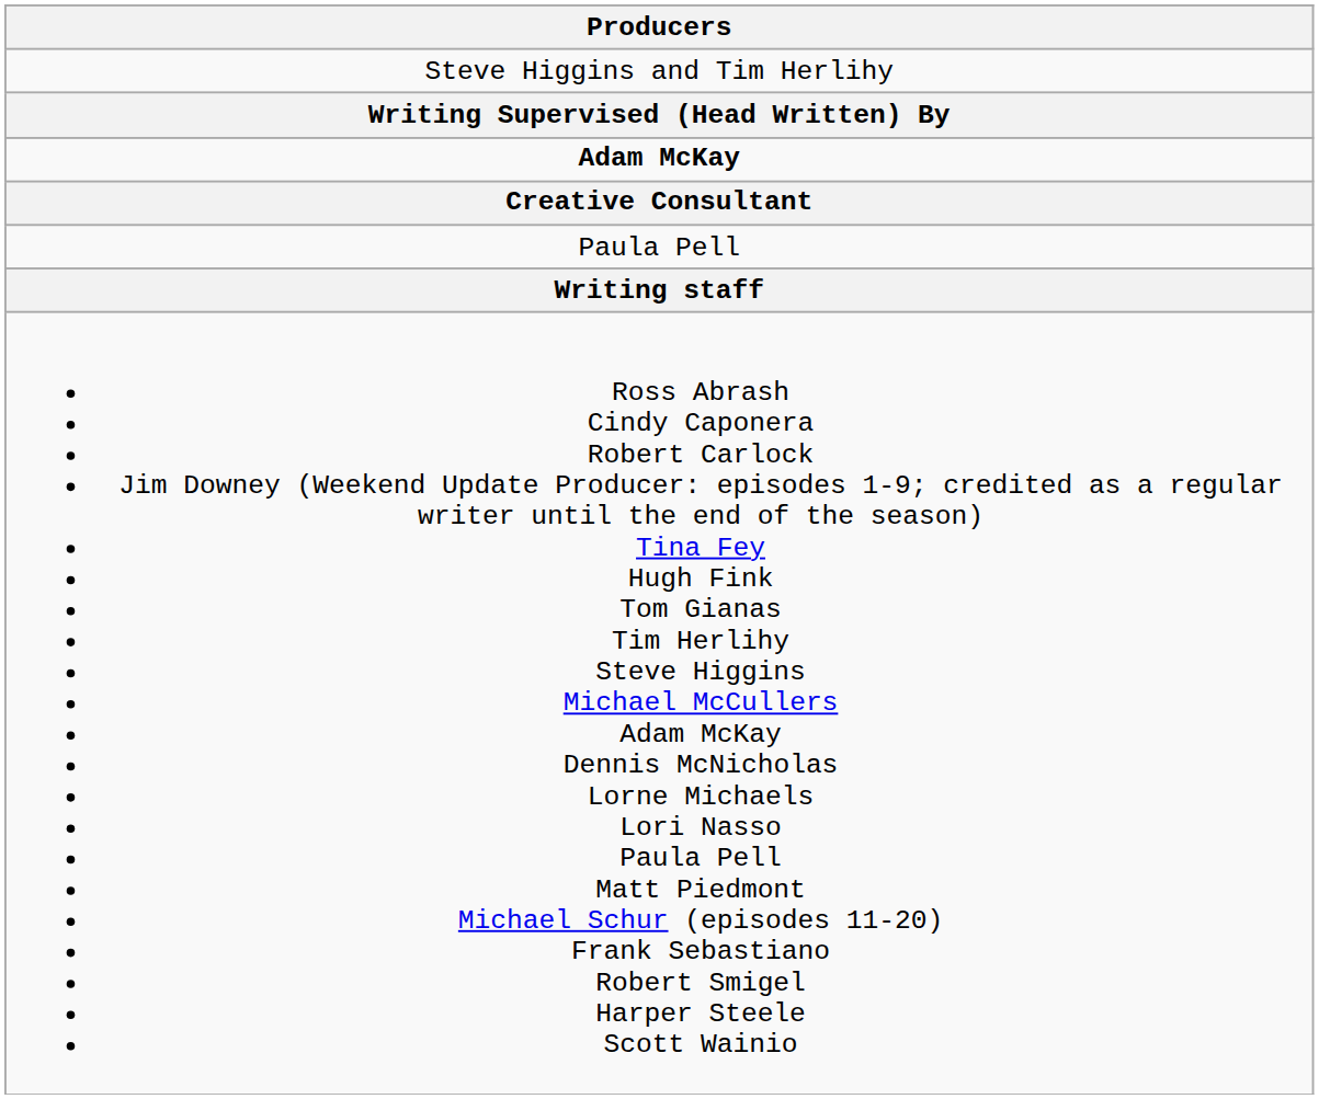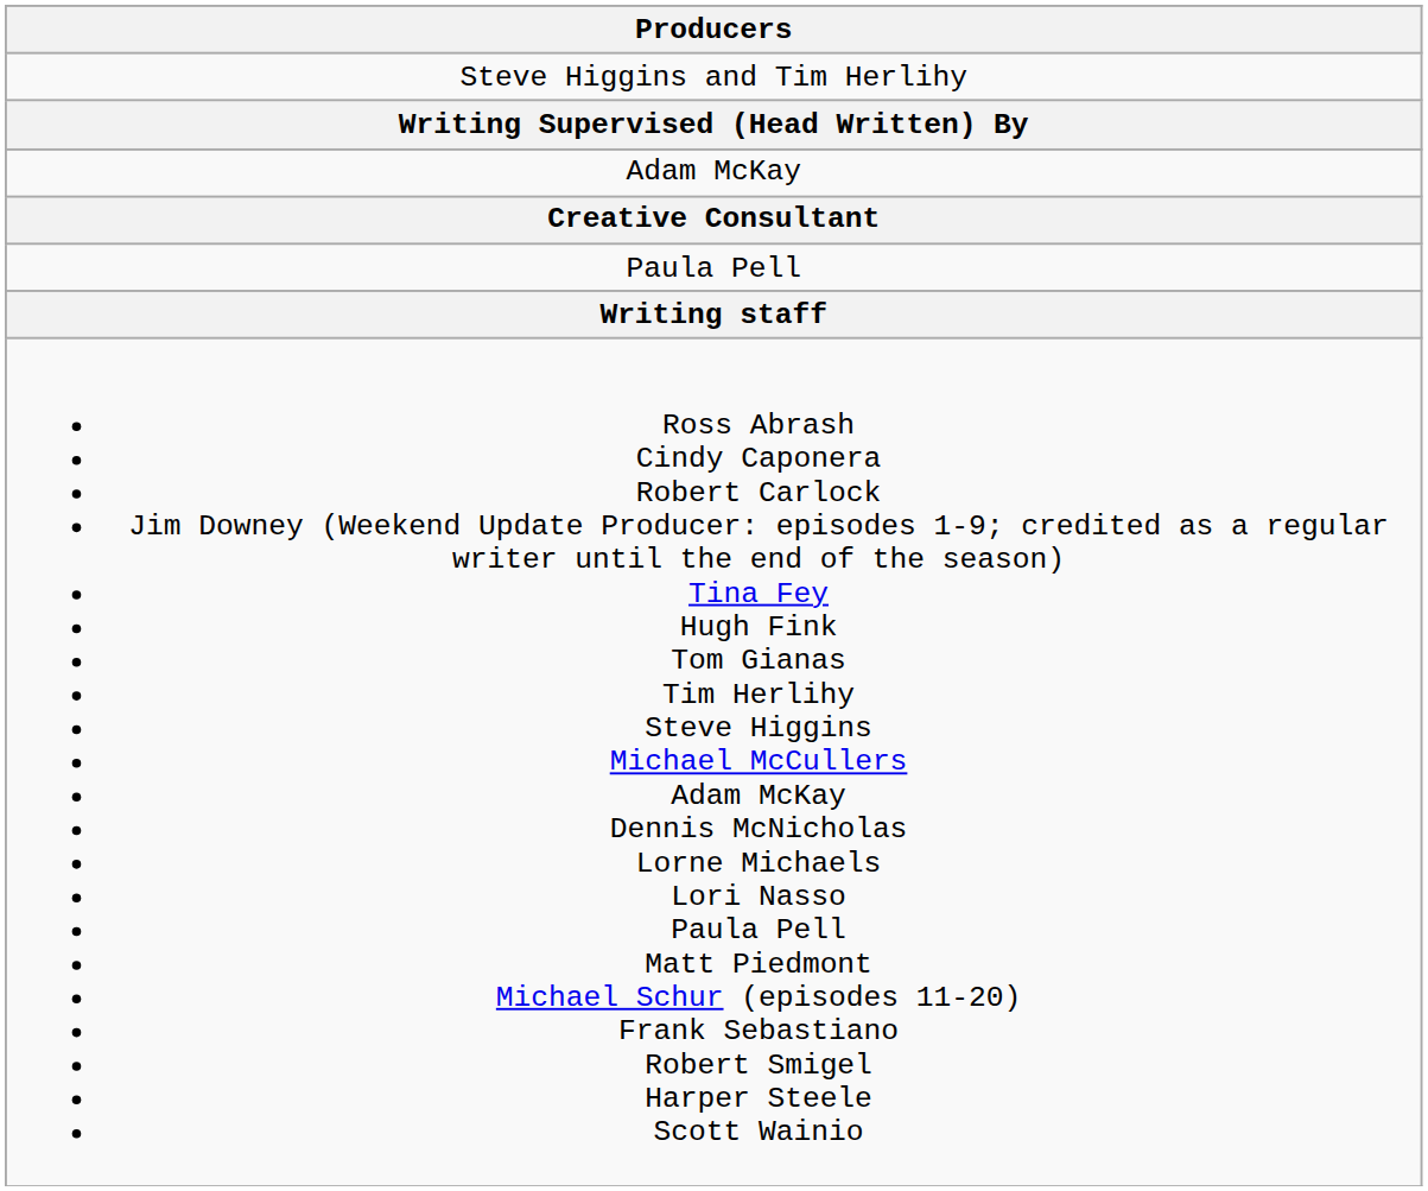 <table class="wikitable plainrowheaders"  style="text-align:center; width:50%;">
 <tr>
 <th><strong>Producers</strong></th>
 </tr>
 <tr>
 <td>Steve Higgins and Tim Herlihy</td>
 </tr>
 <tr>
 <th><strong>Writing Supervised (Head Written) By</strong></th>
 </tr>
 <tr>
-<td><strong>Adam McKay</strong></td>
+<td>Adam McKay</td>
 </tr>
 <tr>
 <th><strong>Creative Consultant</strong></th>
 </tr>
 <tr>
 <td>Paula Pell</td>
 </tr>
 <tr>
 <th><strong>Writing staff</strong></th>
 </tr>
 <tr>
 <td><br><ul><li>Ross Abrash</li><li>Cindy Caponera</li><li>Robert Carlock</li><li>Jim Downey (Weekend Update Producer: episodes 1-9; credited as a regular writer until the end of the season)</li><li><a href='#'>Tina Fey</a></li><li>Hugh Fink</li><li>Tom Gianas</li><li>Tim Herlihy</li><li>Steve Higgins</li><li><a href='#'>Michael McCullers</a></li><li>Adam McKay</li><li>Dennis McNicholas</li><li>Lorne Michaels</li><li>Lori Nasso</li><li>Paula Pell</li><li>Matt Piedmont</li><li><a href='#'>Michael Schur</a> (episodes 11-20)</li><li>Frank Sebastiano</li><li>Robert Smigel</li><li>Harper Steele</li><li>Scott Wainio</li></ul></td>
 </tr>
 </table>
